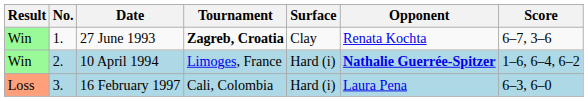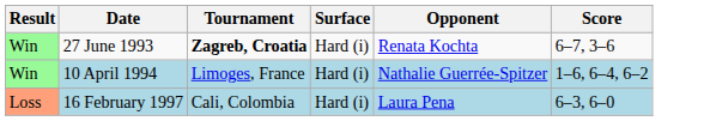 <table class="sortable wikitable" style="font-size:97%">
 <tr>
 <th>Result</th>
-<th>No.</th>
 <th>Date</th>
 <th>Tournament</th>
 <th>Surface</th>
 <th>Opponent</th>
 <th class="unsortable">Score</th>
 </tr>
 <tr>
 <td style="background:#98fb98;">Win</td>
-<td>1.</td>
 <td>27 June 1993</td>
 <td><strong>Zagreb, Croatia</strong></td>
-<td>Clay</td>
+<td>Hard (i)</td>
 <td> <a href='#'>Renata Kochta</a></td>
 <td>6–7, 3–6</td>
 </tr>
 <tr style="background:lightblue;">
 <td style="background:#98fb98;">Win</td>
-<td>2.</td>
 <td>10 April 1994</td>
 <td><a href='#'>Limoges</a>, France</td>
 <td>Hard (i)</td>
-<td><strong> <a href='#'>Nathalie Guerrée-Spitzer</a></strong></td>
+<td> <a href='#'>Nathalie Guerrée-Spitzer</a></td>
 <td>1–6, 6–4, 6–2</td>
 </tr>
 <tr style="background:lightblue;">
 <td style="background:#ffa07a;">Loss</td>
-<td>3.</td>
 <td>16 February 1997</td>
 <td>Cali, Colombia</td>
 <td>Hard (i)</td>
 <td> <a href='#'>Laura Pena</a></td>
 <td>6–3, 6–0</td>
 </tr>
 </table>
